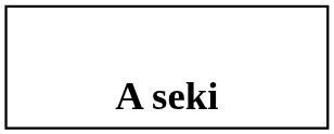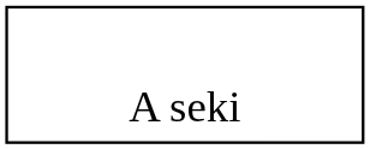 <table style="margin:1em;border: solid thin;width: 130px;float: right;">
 <tr>
 <td style="padding: 2px;"><br></td>
 </tr>
 <tr>
-<td style="text-align:center"><strong>A seki</strong></td>
+<td style="text-align:center">A seki</td>
 </tr>
 </table>
